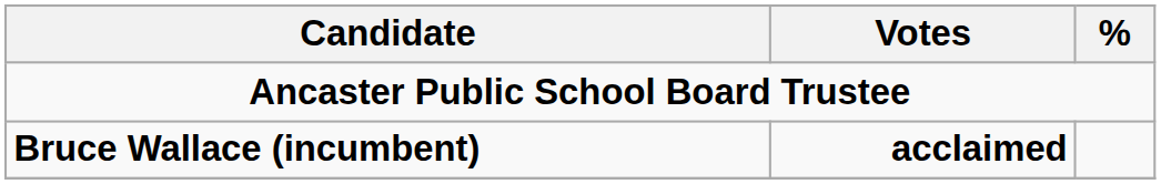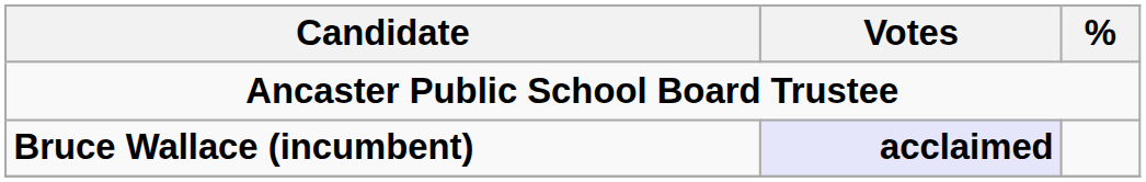 <table class="wikitable" width="40%">
 <tr>
 <th>Candidate</th>
 <th>Votes</th>
 <th>%</th>
 </tr>
 <tr>
 <td colspan="3" align="center"><strong>Ancaster Public School Board Trustee</strong></td>
 </tr>
 <tr>
 <td align="left"><strong> Bruce Wallace (incumbent)</strong></td>
-<td align="right"><strong>acclaimed</strong></td>
+<td align="right" style="background: lavender;"><strong>acclaimed</strong></td>
 <td align="right"></td>
 </tr>
 <tr>
 </tr>
 </table>
